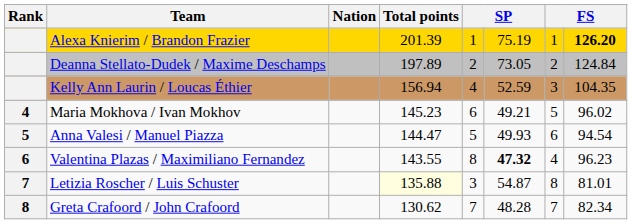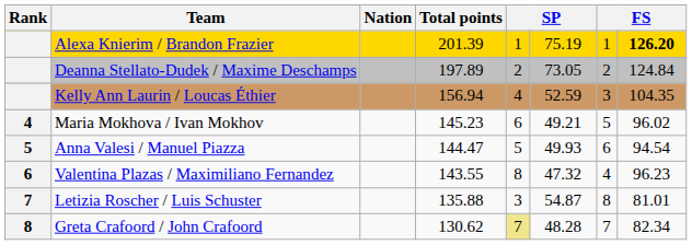 <table class="wikitable sortable" style="text-align:left;">
 <tr>
 <th scope="col">Rank</th>
 <th scope="col">Team</th>
 <th scope="col">Nation</th>
 <th scope="col">Total points</th>
 <th scope="col" colspan="2" width="80px"><a href='#'>SP</a></th>
 <th scope="col" colspan="2" width="80px"><a href='#'>FS</a></th>
 </tr>
 <tr bgcolor="gold">
 <th scope="row"></th>
 <td><a href='#'>Alexa Knierim</a> / <a href='#'>Brandon Frazier</a></td>
 <td></td>
 <td align="center">201.39</td>
 <td align="center">1</td>
 <td align="center">75.19</td>
 <td align="center">1</td>
 <td align="center"><strong>126.20</strong></td>
 </tr>
 <tr bgcolor="silver">
 <th scope="row"></th>
 <td><a href='#'>Deanna Stellato-Dudek</a> / <a href='#'>Maxime Deschamps</a></td>
 <td></td>
 <td align="center">197.89</td>
 <td align="center">2</td>
 <td align="center">73.05</td>
 <td align="center">2</td>
 <td align="center">124.84</td>
 </tr>
 <tr bgcolor="cc9966">
 <th scope="row"></th>
 <td><a href='#'>Kelly Ann Laurin</a> / <a href='#'>Loucas Éthier</a></td>
 <td></td>
 <td align="center">156.94</td>
 <td align="center">4</td>
 <td align="center">52.59</td>
 <td align="center">3</td>
 <td align="center">104.35</td>
 </tr>
 <tr>
 <th scope="row">4</th>
 <td>Maria Mokhova / Ivan Mokhov</td>
 <td></td>
 <td align="center">145.23</td>
 <td align="center">6</td>
 <td align="center">49.21</td>
 <td align="center">5</td>
 <td align="center">96.02</td>
 </tr>
 <tr>
 <th scope="row">5</th>
 <td><a href='#'>Anna Valesi</a> / <a href='#'>Manuel Piazza</a></td>
 <td></td>
 <td align="center">144.47</td>
 <td align="center">5</td>
 <td align="center">49.93</td>
 <td align="center">6</td>
 <td align="center">94.54</td>
 </tr>
 <tr>
 <th scope="row">6</th>
 <td><a href='#'>Valentina Plazas</a> / <a href='#'>Maximiliano Fernandez</a></td>
 <td></td>
 <td align="center">143.55</td>
 <td align="center">8</td>
-<td align="center"><strong>47.32</strong></td>
+<td align="center">47.32</td>
 <td align="center">4</td>
 <td align="center">96.23</td>
 </tr>
 <tr>
 <th scope="row">7</th>
 <td><a href='#'>Letizia Roscher</a> / <a href='#'>Luis Schuster</a></td>
 <td></td>
-<td align="center" style="background: lightyellow;">135.88</td>
+<td align="center">135.88</td>
 <td align="center">3</td>
 <td align="center">54.87</td>
 <td align="center">8</td>
 <td align="center">81.01</td>
 </tr>
 <tr>
 <th scope="row">8</th>
 <td><a href='#'>Greta Crafoord</a> / <a href='#'>John Crafoord</a></td>
 <td></td>
 <td align="center">130.62</td>
-<td align="center">7</td>
+<td align="center" style="background: khaki;">7</td>
 <td align="center">48.28</td>
 <td align="center">7</td>
 <td align="center">82.34</td>
 </tr>
 </table>
